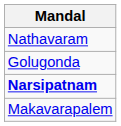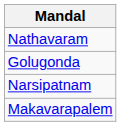 <table class="wikitable sortable static-row-numbers static-row-header-hash">
 <tr>
 <th>Mandal</th>
 </tr>
 <tr>
 <td><a href='#'>Nathavaram</a></td>
 </tr>
 <tr>
 <td><a href='#'>Golugonda</a></td>
 </tr>
 <tr>
-<td><strong><a href='#'>Narsipatnam</a></strong></td>
+<td><a href='#'>Narsipatnam</a></td>
 </tr>
 <tr>
 <td><a href='#'>Makavarapalem</a></td>
 </tr>
 </table>
